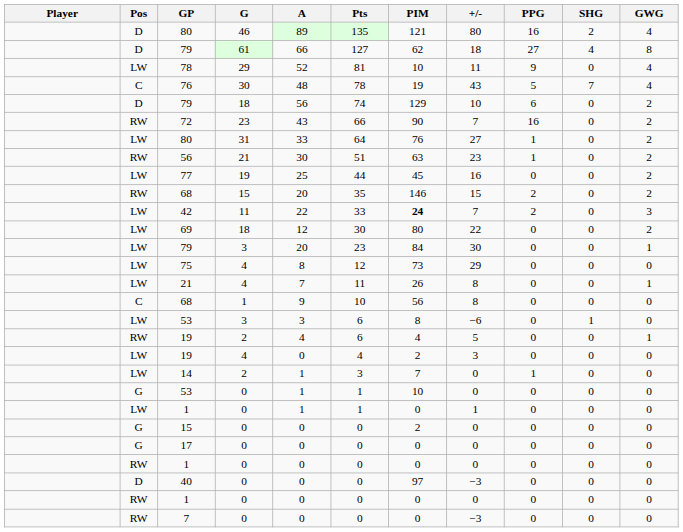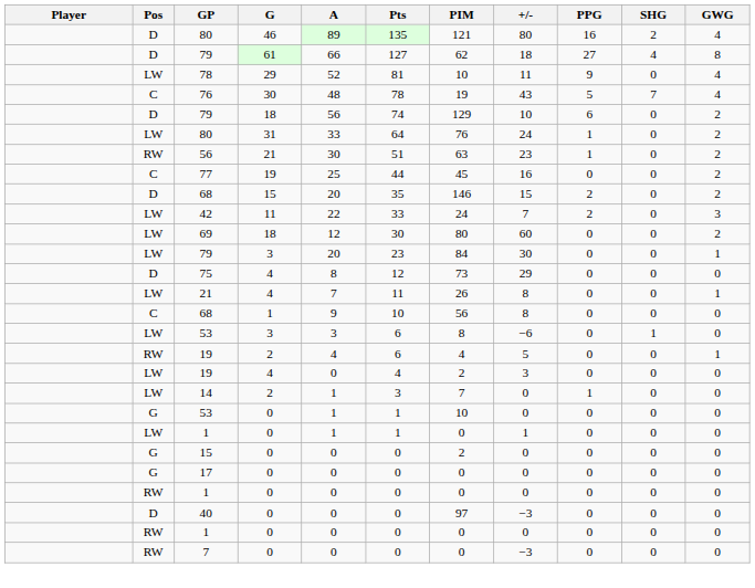 <table class="wikitable sortable" width="60%">
 <tr ALIGN="center">
 <th bgcolor="#DDDDFF" width="10%">Player</th>
 <th bgcolor="#DDDDFF" width="3%" title="Position">Pos</th>
 <th bgcolor="#DDDDFF" width="5%" title="Games played">GP</th>
 <th bgcolor="#DDDDFF" width="5%" title="Goals">G</th>
 <th bgcolor="#DDDDFF" width="5%" title="Assists">A</th>
 <th bgcolor="#DDDDFF" width="5%" title="Points">Pts</th>
 <th bgcolor="#DDDDFF" width="5%" title="Penalties in Minutes">PIM</th>
 <th bgcolor="#DDDDFF" width="5%" title="Plus/minus">+/-</th>
 <th bgcolor="#DDDDFF" width="5%" title="Power play goals">PPG</th>
 <th bgcolor="#DDDDFF" width="5%" title="Short-handed goals">SHG</th>
 <th bgcolor="#DDDDFF" width="5%" title="Game-winning goals">GWG</th>
 </tr>
 <tr align="center">
 <td align="right"></td>
 <td>D</td>
 <td>80</td>
 <td>46</td>
 <td style="background:#DDFFDD;">89</td>
 <td style="background:#DDFFDD;">135</td>
 <td>121</td>
 <td>80</td>
 <td>16</td>
 <td>2</td>
 <td>4</td>
 </tr>
 <tr align="center">
 <td align="right"></td>
 <td>D</td>
 <td>79</td>
 <td style="background:#DDFFDD;">61</td>
 <td>66</td>
 <td>127</td>
 <td>62</td>
 <td>18</td>
 <td>27</td>
 <td>4</td>
 <td>8</td>
 </tr>
 <tr align="center">
 <td align="right"></td>
 <td>LW</td>
 <td>78</td>
 <td>29</td>
 <td>52</td>
 <td>81</td>
 <td>10</td>
 <td>11</td>
 <td>9</td>
 <td>0</td>
 <td>4</td>
 </tr>
 <tr align="center">
 <td align="right"></td>
 <td>C</td>
 <td>76</td>
 <td>30</td>
 <td>48</td>
 <td>78</td>
 <td>19</td>
 <td>43</td>
 <td>5</td>
 <td>7</td>
 <td>4</td>
 </tr>
 <tr align="center">
 <td align="right"></td>
 <td>D</td>
 <td>79</td>
 <td>18</td>
 <td>56</td>
 <td>74</td>
 <td>129</td>
 <td>10</td>
 <td>6</td>
 <td>0</td>
 <td>2</td>
 </tr>
 <tr align="center">
 <td align="right"></td>
-<td>RW</td>
-<td>72</td>
-<td>23</td>
-<td>43</td>
-<td>66</td>
-<td>90</td>
-<td>7</td>
-<td>16</td>
-<td>0</td>
-<td>2</td>
-</tr>
-<tr align="center">
-<td align="right"></td>
 <td>LW</td>
 <td>80</td>
 <td>31</td>
 <td>33</td>
 <td>64</td>
 <td>76</td>
-<td>27</td>
+<td>24</td>
 <td>1</td>
 <td>0</td>
 <td>2</td>
 </tr>
 <tr align="center">
 <td align="right"></td>
 <td>RW</td>
 <td>56</td>
 <td>21</td>
 <td>30</td>
 <td>51</td>
 <td>63</td>
 <td>23</td>
 <td>1</td>
 <td>0</td>
 <td>2</td>
 </tr>
 <tr align="center">
 <td align="right"></td>
-<td>LW</td>
+<td>C</td>
 <td>77</td>
 <td>19</td>
 <td>25</td>
 <td>44</td>
 <td>45</td>
 <td>16</td>
 <td>0</td>
 <td>0</td>
 <td>2</td>
 </tr>
 <tr align="center">
 <td align="right"></td>
-<td>RW</td>
+<td>D</td>
 <td>68</td>
 <td>15</td>
 <td>20</td>
 <td>35</td>
 <td>146</td>
 <td>15</td>
 <td>2</td>
 <td>0</td>
 <td>2</td>
 </tr>
 <tr align="center">
 <td align="right"></td>
 <td>LW</td>
 <td>42</td>
 <td>11</td>
 <td>22</td>
 <td>33</td>
-<td><strong>24</strong></td>
+<td>24</td>
 <td>7</td>
 <td>2</td>
 <td>0</td>
 <td>3</td>
 </tr>
 <tr align="center">
 <td align="right"></td>
 <td>LW</td>
 <td>69</td>
 <td>18</td>
 <td>12</td>
 <td>30</td>
 <td>80</td>
-<td>22</td>
+<td>60</td>
 <td>0</td>
 <td>0</td>
 <td>2</td>
 </tr>
 <tr align="center">
 <td align="right"></td>
 <td>LW</td>
 <td>79</td>
 <td>3</td>
 <td>20</td>
 <td>23</td>
 <td>84</td>
 <td>30</td>
 <td>0</td>
 <td>0</td>
 <td>1</td>
 </tr>
 <tr align="center">
 <td align="right"></td>
-<td>LW</td>
+<td>D</td>
 <td>75</td>
 <td>4</td>
 <td>8</td>
 <td>12</td>
 <td>73</td>
 <td>29</td>
 <td>0</td>
 <td>0</td>
 <td>0</td>
 </tr>
 <tr align="center">
 <td align="right"></td>
 <td>LW</td>
 <td>21</td>
 <td>4</td>
 <td>7</td>
 <td>11</td>
 <td>26</td>
 <td>8</td>
 <td>0</td>
 <td>0</td>
 <td>1</td>
 </tr>
 <tr align="center">
 <td align="right"></td>
 <td>C</td>
 <td>68</td>
 <td>1</td>
 <td>9</td>
 <td>10</td>
 <td>56</td>
 <td>8</td>
 <td>0</td>
 <td>0</td>
 <td>0</td>
 </tr>
 <tr align="center">
 <td align="right"></td>
 <td>LW</td>
 <td>53</td>
 <td>3</td>
 <td>3</td>
 <td>6</td>
 <td>8</td>
 <td>−6</td>
 <td>0</td>
 <td>1</td>
 <td>0</td>
 </tr>
 <tr align="center">
 <td align="right"></td>
 <td>RW</td>
 <td>19</td>
 <td>2</td>
 <td>4</td>
 <td>6</td>
 <td>4</td>
 <td>5</td>
 <td>0</td>
 <td>0</td>
 <td>1</td>
 </tr>
 <tr align="center">
 <td align="right"></td>
 <td>LW</td>
 <td>19</td>
 <td>4</td>
 <td>0</td>
 <td>4</td>
 <td>2</td>
 <td>3</td>
 <td>0</td>
 <td>0</td>
 <td>0</td>
 </tr>
 <tr align="center">
 <td align="right"></td>
 <td>LW</td>
 <td>14</td>
 <td>2</td>
 <td>1</td>
 <td>3</td>
 <td>7</td>
 <td>0</td>
 <td>1</td>
 <td>0</td>
 <td>0</td>
 </tr>
 <tr align="center">
 <td align="right"></td>
 <td>G</td>
 <td>53</td>
 <td>0</td>
 <td>1</td>
 <td>1</td>
 <td>10</td>
 <td>0</td>
 <td>0</td>
 <td>0</td>
 <td>0</td>
 </tr>
 <tr align="center">
 <td align="right"></td>
 <td>LW</td>
 <td>1</td>
 <td>0</td>
 <td>1</td>
 <td>1</td>
 <td>0</td>
 <td>1</td>
 <td>0</td>
 <td>0</td>
 <td>0</td>
 </tr>
 <tr align="center">
 <td align="right"></td>
 <td>G</td>
 <td>15</td>
 <td>0</td>
 <td>0</td>
 <td>0</td>
 <td>2</td>
 <td>0</td>
 <td>0</td>
 <td>0</td>
 <td>0</td>
 </tr>
 <tr align="center">
 <td align="right"></td>
 <td>G</td>
 <td>17</td>
 <td>0</td>
 <td>0</td>
 <td>0</td>
 <td>0</td>
 <td>0</td>
 <td>0</td>
 <td>0</td>
 <td>0</td>
 </tr>
 <tr align="center">
 <td align="right"></td>
 <td>RW</td>
 <td>1</td>
 <td>0</td>
 <td>0</td>
 <td>0</td>
 <td>0</td>
 <td>0</td>
 <td>0</td>
 <td>0</td>
 <td>0</td>
 </tr>
 <tr align="center">
 <td align="right"></td>
 <td>D</td>
 <td>40</td>
 <td>0</td>
 <td>0</td>
 <td>0</td>
 <td>97</td>
 <td>−3</td>
 <td>0</td>
 <td>0</td>
 <td>0</td>
 </tr>
 <tr align="center">
 <td align="right"></td>
 <td>RW</td>
 <td>1</td>
 <td>0</td>
 <td>0</td>
 <td>0</td>
 <td>0</td>
 <td>0</td>
 <td>0</td>
 <td>0</td>
 <td>0</td>
 </tr>
 <tr align="center">
 <td align="right"></td>
 <td>RW</td>
 <td>7</td>
 <td>0</td>
 <td>0</td>
 <td>0</td>
 <td>0</td>
 <td>−3</td>
 <td>0</td>
 <td>0</td>
 <td>0</td>
 </tr>
 </table>
